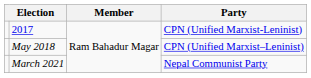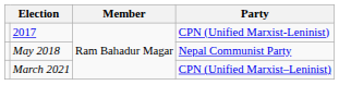 <table class="wikitable">
 <tr>
 <th colspan="2">Election</th>
 <th>Member</th>
 <th>Party</th>
 </tr>
 <tr>
 <td style="background-color:"></td>
 <td><a href='#'>2017</a></td>
 <td rowspan="3">Ram Bahadur Magar</td>
 <td><a href='#'>CPN (Unified Marxist-Leninist)</a></td>
 </tr>
 <tr>
 <td style="background-color:"></td>
 <td><em>May 2018</em></td>
-<td><a href='#'>CPN (Unified Marxist–Leninist)</a></td>
+<td><a href='#'>Nepal Communist Party</a></td>
 </tr>
 <tr>
 <td style="background-color:"></td>
 <td><em>March 2021</em></td>
-<td><a href='#'>Nepal Communist Party</a></td>
+<td><a href='#'>CPN (Unified Marxist–Leninist)</a></td>
 </tr>
 </table>
